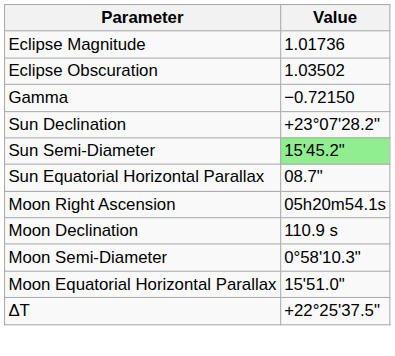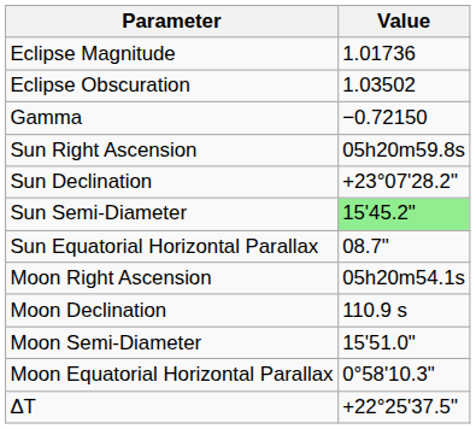 <table class="wikitable">
 <tr>
 <th>Parameter</th>
 <th>Value</th>
 </tr>
 <tr>
 <td>Eclipse Magnitude</td>
 <td>1.01736</td>
 </tr>
 <tr>
 <td>Eclipse Obscuration</td>
 <td>1.03502</td>
 </tr>
 <tr>
 <td>Gamma</td>
 <td>−0.72150</td>
+</tr>
+<tr>
+<td>Sun Right Ascension</td>
+<td>05h20m59.8s</td>
 </tr>
 <tr>
 <td>Sun Declination</td>
 <td>+23°07'28.2"</td>
 </tr>
 <tr>
 <td>Sun Semi-Diameter</td>
 <td style="background: lightgreen;">15'45.2"</td>
 </tr>
 <tr>
 <td>Sun Equatorial Horizontal Parallax</td>
 <td>08.7"</td>
 </tr>
 <tr>
 <td>Moon Right Ascension</td>
 <td>05h20m54.1s</td>
 </tr>
 <tr>
 <td>Moon Declination</td>
 <td>110.9 s</td>
 </tr>
 <tr>
 <td>Moon Semi-Diameter</td>
-<td>0°58'10.3"</td>
+<td>15'51.0"</td>
 </tr>
 <tr>
 <td>Moon Equatorial Horizontal Parallax</td>
-<td>15'51.0"</td>
+<td>0°58'10.3"</td>
 </tr>
 <tr>
 <td>ΔT</td>
 <td>+22°25'37.5"</td>
 </tr>
 </table>
